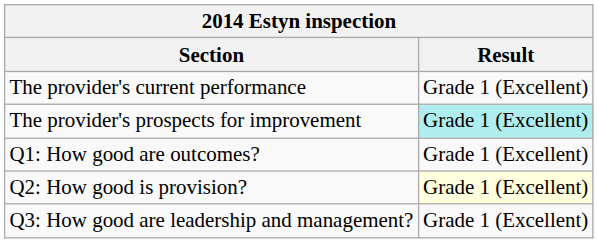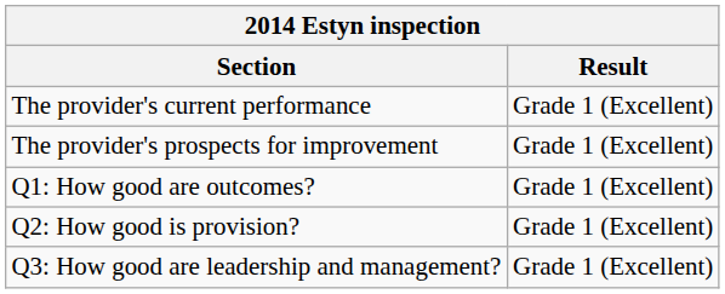 <table class="wikitable">
 <tr>
 <th colspan="6">2014 Estyn inspection</th>
 </tr>
 <tr>
 <th>Section</th>
 <th>Result</th>
 </tr>
 <tr>
 <td>The provider's current performance</td>
 <td>Grade 1 (Excellent)</td>
 </tr>
 <tr>
 <td>The provider's prospects for improvement</td>
-<td style="background: paleturquoise;">Grade 1 (Excellent)</td>
+<td>Grade 1 (Excellent)</td>
 </tr>
 <tr>
 <td>Q1: How good are outcomes?</td>
 <td>Grade 1 (Excellent)</td>
 </tr>
 <tr>
 <td>Q2: How good is provision?</td>
-<td style="background: lightyellow;">Grade 1 (Excellent)</td>
+<td>Grade 1 (Excellent)</td>
 </tr>
 <tr>
 <td>Q3: How good are leadership and management?</td>
 <td>Grade 1 (Excellent)</td>
 </tr>
 </table>
